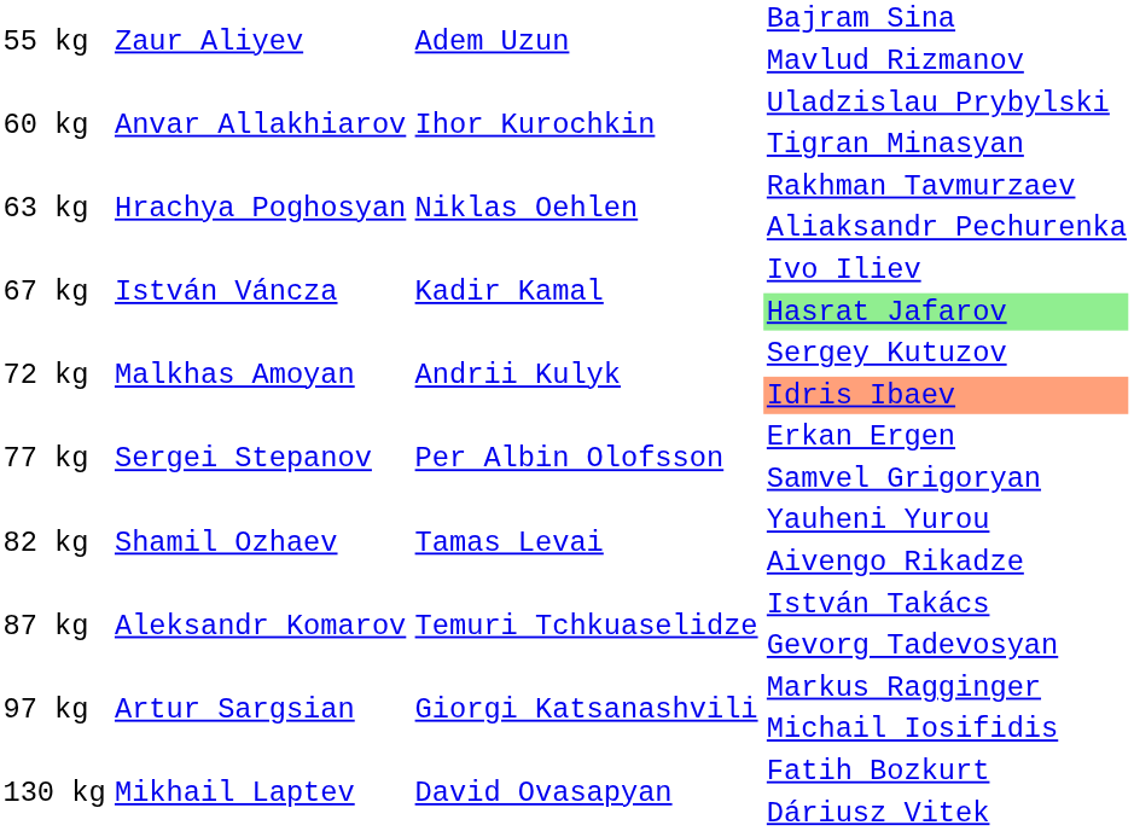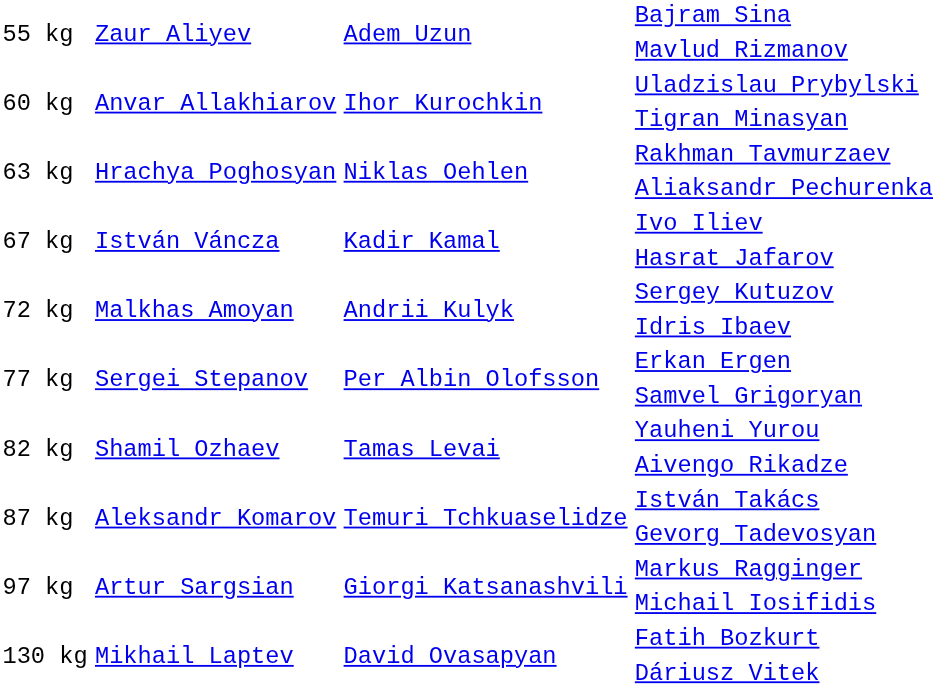 <table>
 <tr>
 <td rowspan=2>55 kg</td>
 <td rowspan=2> <a href='#'>Zaur Aliyev</a></td>
 <td rowspan=2> <a href='#'>Adem Uzun</a></td>
 <td> <a href='#'>Bajram Sina</a></td>
 </tr>
 <tr>
 <td> <a href='#'>Mavlud Rizmanov</a></td>
 </tr>
 <tr>
 <td rowspan=2>60 kg</td>
 <td rowspan=2> <a href='#'>Anvar Allakhiarov</a></td>
 <td rowspan=2> <a href='#'>Ihor Kurochkin</a></td>
 <td> <a href='#'>Uladzislau Prybylski</a></td>
 </tr>
 <tr>
 <td> <a href='#'>Tigran Minasyan</a></td>
 </tr>
 <tr>
 <td rowspan=2>63 kg</td>
 <td rowspan=2> <a href='#'>Hrachya Poghosyan</a></td>
 <td rowspan=2> <a href='#'>Niklas Oehlen</a></td>
 <td> <a href='#'>Rakhman Tavmurzaev</a></td>
 </tr>
 <tr>
 <td> <a href='#'>Aliaksandr Pechurenka</a></td>
 </tr>
 <tr>
 <td rowspan=2>67 kg</td>
 <td rowspan=2> <a href='#'>István Váncza</a></td>
 <td rowspan=2> <a href='#'>Kadir Kamal</a></td>
 <td> <a href='#'>Ivo Iliev</a></td>
 </tr>
 <tr>
-<td style="background: lightgreen;"> <a href='#'>Hasrat Jafarov</a></td>
+<td> <a href='#'>Hasrat Jafarov</a></td>
 </tr>
 <tr>
 <td rowspan=2>72 kg</td>
 <td rowspan=2> <a href='#'>Malkhas Amoyan</a></td>
 <td rowspan=2> <a href='#'>Andrii Kulyk</a></td>
 <td> <a href='#'>Sergey Kutuzov</a></td>
 </tr>
 <tr>
-<td style="background: lightsalmon;"> <a href='#'>Idris Ibaev</a></td>
+<td> <a href='#'>Idris Ibaev</a></td>
 </tr>
 <tr>
 <td rowspan=2>77 kg</td>
 <td rowspan=2> <a href='#'>Sergei Stepanov</a></td>
 <td rowspan=2> <a href='#'>Per Albin Olofsson</a></td>
 <td> <a href='#'>Erkan Ergen</a></td>
 </tr>
 <tr>
 <td> <a href='#'>Samvel Grigoryan</a></td>
 </tr>
 <tr>
 <td rowspan=2>82 kg</td>
 <td rowspan=2> <a href='#'>Shamil Ozhaev</a></td>
 <td rowspan=2> <a href='#'>Tamas Levai</a></td>
 <td> <a href='#'>Yauheni Yurou</a></td>
 </tr>
 <tr>
 <td> <a href='#'>Aivengo Rikadze</a></td>
 </tr>
 <tr>
 <td rowspan=2>87 kg</td>
 <td rowspan=2> <a href='#'>Aleksandr Komarov</a></td>
 <td rowspan=2> <a href='#'>Temuri Tchkuaselidze</a></td>
 <td> <a href='#'>István Takács</a></td>
 </tr>
 <tr>
 <td> <a href='#'>Gevorg Tadevosyan</a></td>
 </tr>
 <tr>
 <td rowspan=2>97 kg</td>
 <td rowspan=2> <a href='#'>Artur Sargsian</a></td>
 <td rowspan=2> <a href='#'>Giorgi Katsanashvili</a></td>
 <td> <a href='#'>Markus Ragginger</a></td>
 </tr>
 <tr>
 <td> <a href='#'>Michail Iosifidis</a></td>
 </tr>
 <tr>
 <td rowspan=2>130 kg</td>
 <td rowspan=2> <a href='#'>Mikhail Laptev</a></td>
 <td rowspan=2> <a href='#'>David Ovasapyan</a></td>
 <td> <a href='#'>Fatih Bozkurt</a></td>
 </tr>
 <tr>
 <td> <a href='#'>Dáriusz Vitek</a></td>
 </tr>
 </table>
